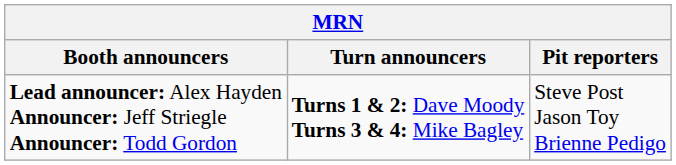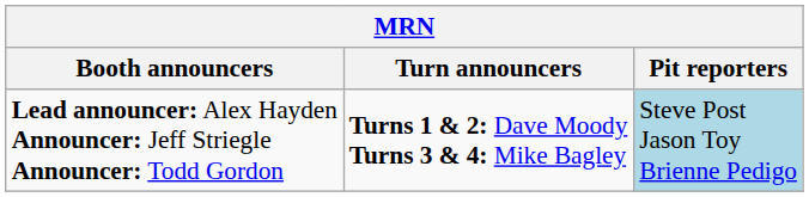 <table class="wikitable" style="font-size: 95%;">
 <tr>
 <th colspan="3"><a href='#'>MRN</a></th>
 </tr>
 <tr>
 <th>Booth announcers</th>
 <th>Turn announcers</th>
 <th>Pit reporters</th>
 </tr>
 <tr>
 <td><strong>Lead announcer:</strong> Alex Hayden<br><strong>Announcer:</strong> Jeff Striegle<br><strong>Announcer:</strong> <a href='#'>Todd Gordon</a></td>
 <td><strong>Turns 1 & 2:</strong> <a href='#'>Dave Moody</a><br><strong>Turns 3 & 4:</strong> <a href='#'>Mike Bagley</a></td>
-<td>Steve Post<br>Jason Toy<br><a href='#'>Brienne Pedigo</a></td>
+<td style="background: lightblue;">Steve Post<br>Jason Toy<br><a href='#'>Brienne Pedigo</a></td>
 </tr>
 </table>
